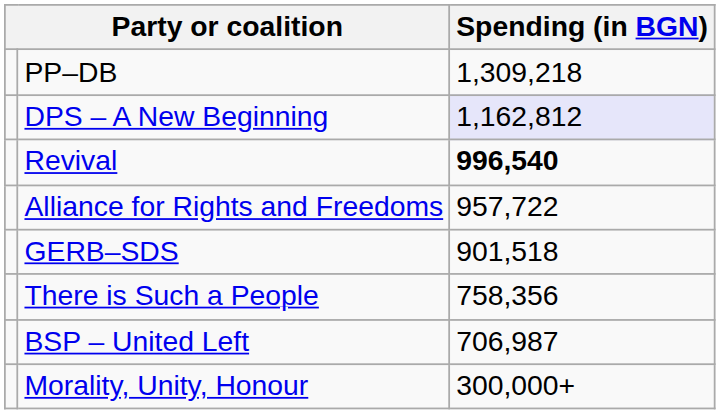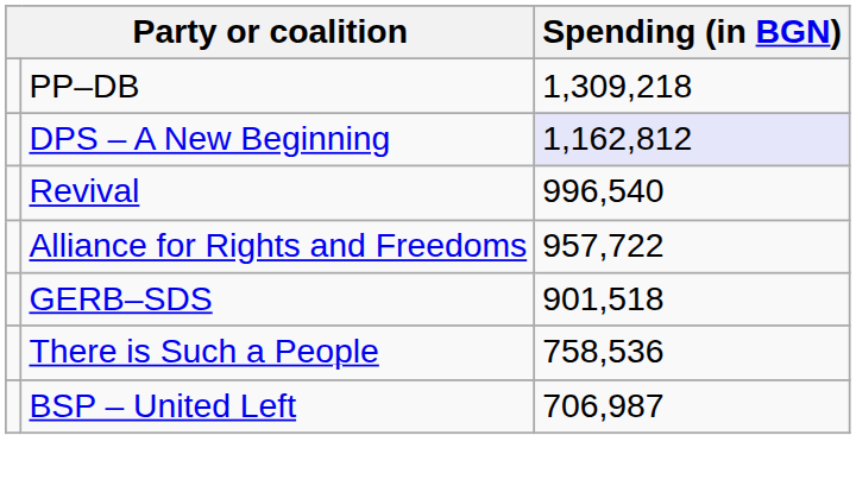 <table class="wikitable">
 <tr>
 <th colspan="2">Party or coalition</th>
 <th>Spending (in <a href='#'>BGN</a>)</th>
 </tr>
 <tr>
 <td style="background:"></td>
 <td>PP–DB</td>
 <td>1,309,218</td>
 </tr>
 <tr>
 <td style="background:"></td>
 <td><a href='#'>DPS – A New Beginning</a></td>
 <td style="background: lavender;">1,162,812</td>
 </tr>
 <tr>
 <td style="background:"></td>
 <td><a href='#'>Revival</a></td>
-<td><strong>996,540</strong></td>
+<td>996,540</td>
 </tr>
 <tr>
 <td style="background:"></td>
 <td><a href='#'>Alliance for Rights and Freedoms</a></td>
 <td>957,722</td>
 </tr>
 <tr>
 <td style="background:"></td>
 <td><a href='#'>GERB–SDS</a></td>
 <td>901,518</td>
 </tr>
 <tr>
 <td style="background:"></td>
 <td><a href='#'>There is Such a People</a></td>
-<td>758,356</td>
+<td>758,536</td>
 </tr>
 <tr>
 <td style="background:"></td>
 <td><a href='#'>BSP – United Left</a></td>
 <td>706,987</td>
 </tr>
-<tr>
-<td style="background:"></td>
-<td><a href='#'>Morality, Unity, Honour</a></td>
-<td>300,000+</td>
-</tr>
 </table>
